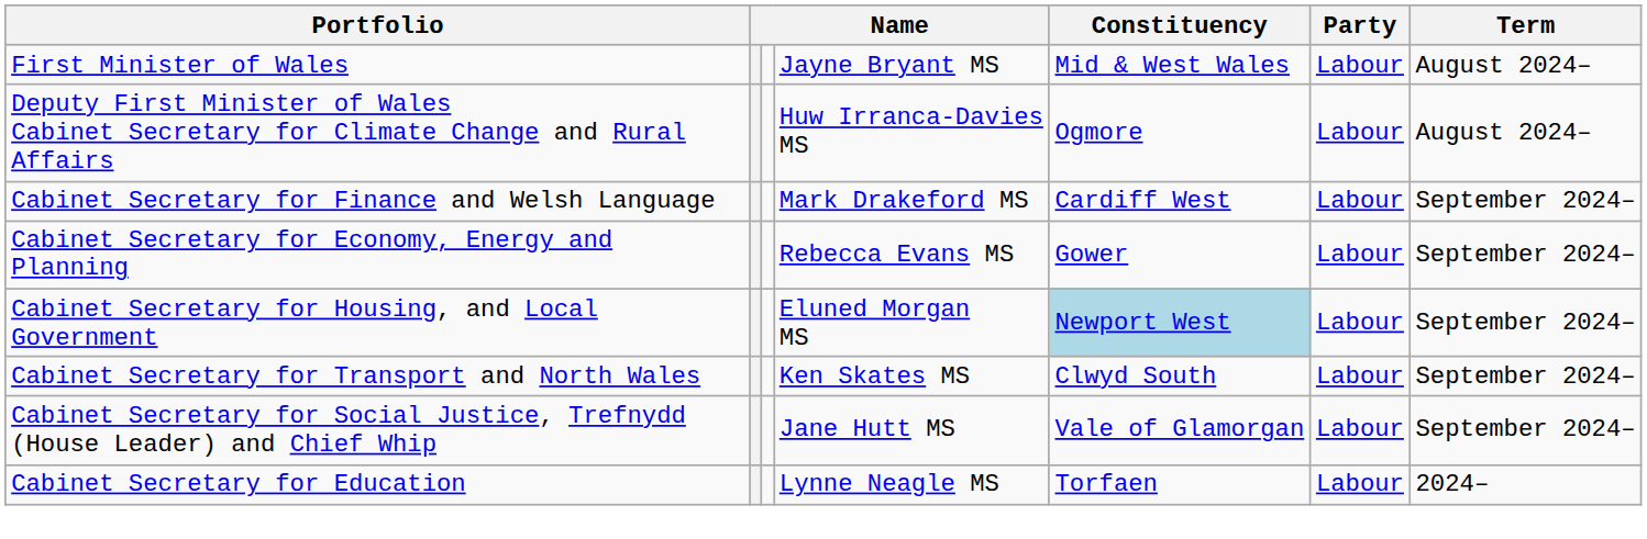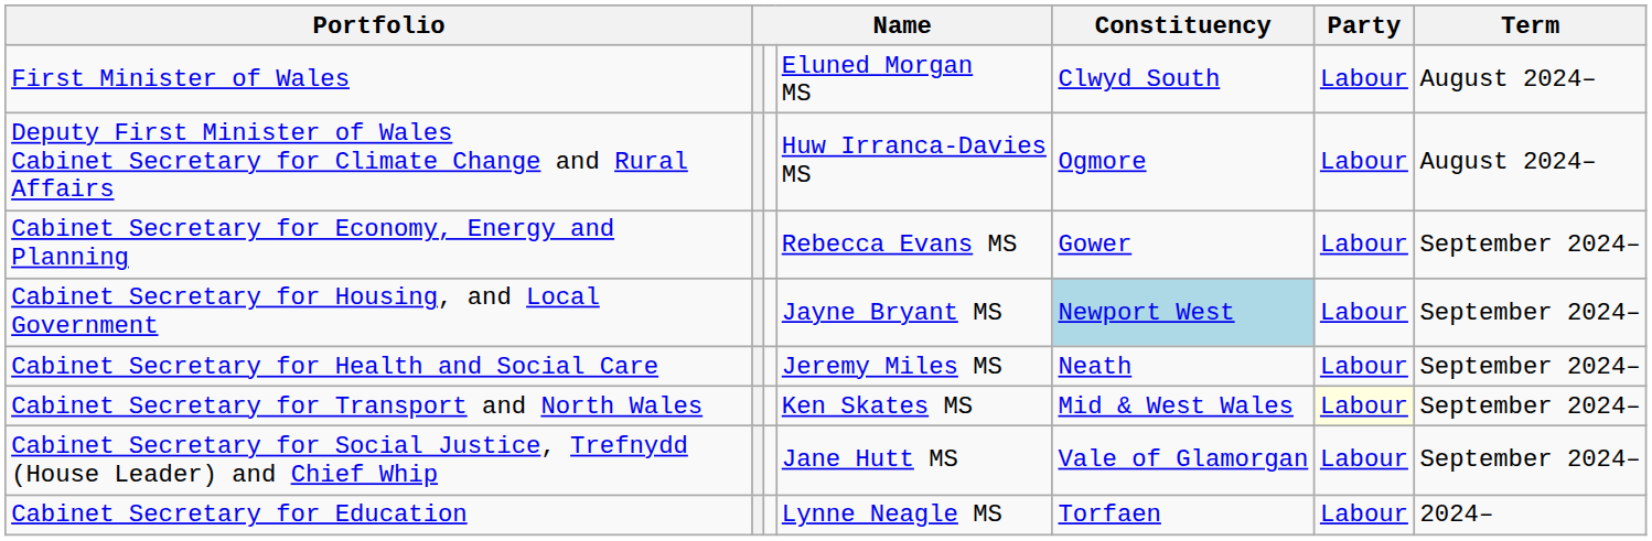 <table class="wikitable">
 <tr>
 <th style="width: 390px">Portfolio</th>
 <th colspan="3">Name</th>
 <th>Constituency</th>
 <th>Party</th>
 <th>Term</th>
 </tr>
 <tr>
 <td><a href='#'>First Minister of Wales</a></td>
 <th style="background-color: "></th>
 <td></td>
-<td><a href='#'>Jayne Bryant</a> MS</td>
-<td><a href='#'>Mid & West Wales</a></td>
+<td><a href='#'>Eluned Morgan</a><br>MS</td>
+<td><a href='#'>Clwyd South</a></td>
 <td><a href='#'>Labour</a></td>
 <td>August 2024–</td>
 </tr>
 <tr>
 <td><a href='#'>Deputy First Minister of Wales</a><br><a href='#'>Cabinet Secretary for Climate Change</a> and <a href='#'>Rural Affairs</a></td>
 <th style="background-color: "></th>
 <td></td>
 <td><a href='#'>Huw Irranca-Davies</a><br>MS</td>
 <td><a href='#'>Ogmore</a></td>
 <td><a href='#'>Labour</a></td>
 <td>August 2024–</td>
-</tr>
-<tr>
-<td><a href='#'>Cabinet Secretary for Finance</a> and Welsh Language</td>
-<th style="background-color: "></th>
-<td></td>
-<td><a href='#'>Mark Drakeford</a> MS</td>
-<td><a href='#'>Cardiff West</a></td>
-<td><a href='#'>Labour</a></td>
-<td>September 2024–</td>
 </tr>
 <tr>
 <td><a href='#'>Cabinet Secretary for Economy, Energy and Planning</a></td>
 <th style="background-color: "></th>
 <td></td>
 <td><a href='#'>Rebecca Evans</a> MS</td>
 <td><a href='#'>Gower</a></td>
 <td><a href='#'>Labour</a></td>
 <td>September 2024–</td>
 </tr>
 <tr>
 <td><a href='#'>Cabinet Secretary for Housing</a>, and <a href='#'>Local Government</a></td>
 <th style="background-color: "></th>
 <td></td>
-<td><a href='#'>Eluned Morgan</a><br>MS</td>
+<td><a href='#'>Jayne Bryant</a> MS</td>
 <td style="background: lightblue;"><a href='#'>Newport West</a></td>
+<td><a href='#'>Labour</a></td>
+<td>September 2024–</td>
+</tr>
+<tr>
+<td><a href='#'>Cabinet Secretary for Health and Social Care</a></td>
+<th style="background-color: "></th>
+<td></td>
+<td><a href='#'>Jeremy Miles</a> MS</td>
+<td><a href='#'>Neath</a></td>
 <td><a href='#'>Labour</a></td>
 <td>September 2024–</td>
 </tr>
 <tr>
 <td><a href='#'>Cabinet Secretary for Transport</a> and <a href='#'>North Wales</a></td>
 <th style="background-color: "></th>
 <td></td>
 <td><a href='#'>Ken Skates</a> MS</td>
-<td><a href='#'>Clwyd South</a></td>
-<td><a href='#'>Labour</a></td>
+<td><a href='#'>Mid & West Wales</a></td>
+<td style="background: lightyellow;"><a href='#'>Labour</a></td>
 <td>September 2024–</td>
 </tr>
 <tr>
 <td><a href='#'>Cabinet Secretary for Social Justice</a>, <a href='#'>Trefnydd</a> (House Leader) and <a href='#'>Chief Whip</a></td>
 <th style="background-color: "></th>
 <td></td>
 <td><a href='#'>Jane Hutt</a> MS</td>
 <td><a href='#'>Vale of Glamorgan</a></td>
 <td><a href='#'>Labour</a></td>
 <td>September 2024–</td>
 </tr>
 <tr>
 <td><a href='#'>Cabinet Secretary for Education</a></td>
 <th style="background-color: "></th>
 <td></td>
 <td><a href='#'>Lynne Neagle</a> MS</td>
 <td><a href='#'>Torfaen</a></td>
 <td><a href='#'>Labour</a></td>
 <td>2024–</td>
 </tr>
 </table>
